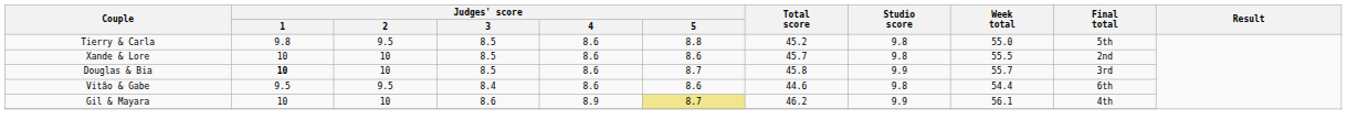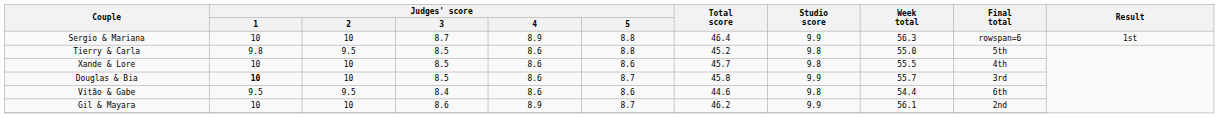 <table class="wikitable" style="font-size:100%; line-height:16px; text-align:center" width="100%">
 <tr>
 <th rowspan=2 width="11.00%">Couple</th>
 <th colspan=5 width="25.00%">Judges' score</th>
 <th rowspan=2 width="05.00%">Total<br>score</th>
 <th rowspan=2 width="05.00%">Studio<br>score</th>
 <th rowspan=2 width="05.00%">Week<br>total</th>
 <th rowspan=2 width="05.00%">Final<br>total</th>
 <th rowspan=2 width="09.00%">Result</th>
 </tr>
 <tr>
 <th width="05.00%">1</th>
 <th width="05.00%">2</th>
 <th width="05.00%">3</th>
 <th width="05.00%">4</th>
 <th width="05.00%">5</th>
+</tr>
+<tr>
+<td>Sergio & Mariana</td>
+<td>10</td>
+<td>10</td>
+<td>8.7</td>
+<td>8.9</td>
+<td>8.8</td>
+<td>46.4</td>
+<td>9.9</td>
+<td>56.3</td>
+<td>rowspan=6 </td>
+<td>1st</td>
 </tr>
 <tr>
 <td>Tierry & Carla</td>
 <td>9.8</td>
 <td>9.5</td>
 <td>8.5</td>
 <td>8.6</td>
 <td>8.8</td>
 <td>45.2</td>
 <td>9.8</td>
 <td>55.0</td>
 <td>5th</td>
 </tr>
 <tr>
 <td>Xande & Lore</td>
 <td>10</td>
 <td>10</td>
 <td>8.5</td>
 <td>8.6</td>
 <td>8.6</td>
 <td>45.7</td>
 <td>9.8</td>
 <td>55.5</td>
-<td>2nd</td>
+<td>4th</td>
 </tr>
 <tr>
 <td>Douglas & Bia</td>
 <td><strong>10</strong></td>
 <td>10</td>
 <td>8.5</td>
 <td>8.6</td>
 <td>8.7</td>
 <td>45.8</td>
 <td>9.9</td>
 <td>55.7</td>
 <td>3rd</td>
 </tr>
 <tr>
 <td>Vitão & Gabe</td>
 <td>9.5</td>
 <td>9.5</td>
 <td>8.4</td>
 <td>8.6</td>
 <td>8.6</td>
 <td>44.6</td>
 <td>9.8</td>
 <td>54.4</td>
 <td>6th</td>
 </tr>
 <tr>
 <td>Gil & Mayara</td>
 <td>10</td>
 <td>10</td>
 <td>8.6</td>
 <td>8.9</td>
-<td style="background: khaki;">8.7</td>
+<td>8.7</td>
 <td>46.2</td>
 <td>9.9</td>
 <td>56.1</td>
-<td>4th</td>
+<td>2nd</td>
 </tr>
 <tr>
 </tr>
 </table>
